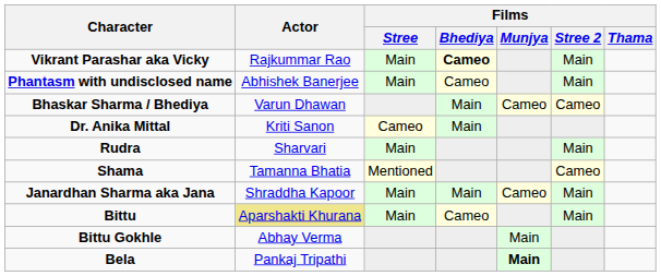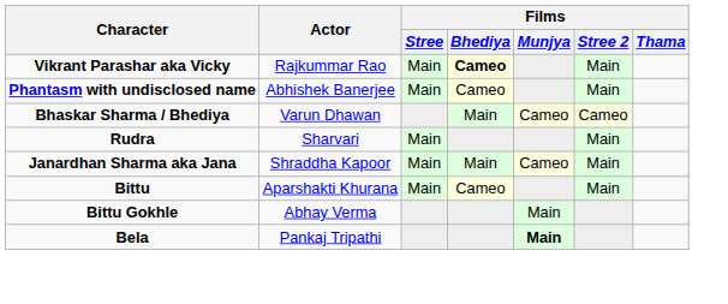 <table class="wikitable" style="text-align:center;">
 <tr>
 <th rowspan=2>Character</th>
 <th rowspan=2>Actor</th>
 <th colspan="5">Films</th>
 </tr>
 <tr>
 <th><em><a href='#'>Stree</a></em></th>
 <th><em><a href='#'>Bhediya</a></em></th>
 <th><em><a href='#'>Munjya</a></em></th>
 <th><em><a href='#'>Stree 2</a></em></th>
 <th><em><a href='#'>Thama</a></em></th>
 </tr>
 <tr>
 <td><strong>Vikrant Parashar aka Vicky</strong></td>
 <td><a href='#'>Rajkummar Rao</a></td>
 <td style="background: #DFD">Main</td>
 <td style="background: #FFD"><strong>Cameo</strong></td>
 <td style="background: #EEE"></td>
 <td style="background: #DFD">Main</td>
 <td></td>
 </tr>
 <tr>
 <td><strong><a href='#'>Phantasm</a> with undisclosed name</strong></td>
 <td><a href='#'>Abhishek Banerjee</a></td>
 <td style="background: #DFD">Main</td>
 <td style="background: #FFD">Cameo</td>
 <td style="background: #EEE"></td>
 <td style="background: #DFD">Main</td>
 <td></td>
 </tr>
 <tr>
 <td><strong>Bhaskar Sharma / Bhediya</strong></td>
 <td><a href='#'>Varun Dhawan</a></td>
 <td style="background: #EEE"></td>
 <td style="background: #DFD">Main</td>
 <td style="background: #FFD">Cameo</td>
 <td style="background: #FFD">Cameo</td>
 <td></td>
 </tr>
 <tr>
-<td><strong>Dr. Anika Mittal</strong></td>
-<td><a href='#'>Kriti Sanon</a></td>
-<td style="background: #FFD">Cameo</td>
-<td style="background: #DFD">Main</td>
-<td style="background: #EEE"></td>
-<td style="background: #EEE"></td>
-<td></td>
-</tr>
-<tr>
 <td><strong>Rudra</strong></td>
 <td><a href='#'>Sharvari</a></td>
 <td style="background: #DFD">Main</td>
 <td style="background: #EEE"></td>
 <td style="background: #EEE"></td>
 <td style="background: #DFD">Main</td>
-<td></td>
-</tr>
-<tr>
-<td><strong>Shama</strong></td>
-<td><a href='#'>Tamanna Bhatia</a></td>
-<td style="background: #FFD">Mentioned</td>
-<td style="background: #EEE"></td>
-<td style="background: #EEE"></td>
-<td style="background: #FFD">Cameo</td>
 <td></td>
 </tr>
 <tr>
 <td><strong>Janardhan Sharma aka Jana</strong></td>
 <td><a href='#'>Shraddha Kapoor</a></td>
 <td style="background: #DFD">Main</td>
 <td style="background: #DFD">Main</td>
 <td style="background: #FFD">Cameo</td>
 <td style="background: #DFD">Main</td>
 <td></td>
 </tr>
 <tr>
 <td><strong>Bittu</strong></td>
-<td style="background: khaki;"><a href='#'>Aparshakti Khurana</a></td>
+<td><a href='#'>Aparshakti Khurana</a></td>
 <td style="background: #DFD">Main</td>
 <td style="background: #FFD">Cameo</td>
 <td style="background: #EEE"></td>
 <td style="background: #DFD">Main</td>
 <td></td>
 </tr>
 <tr>
 <td><strong>Bittu Gokhle</strong></td>
 <td><a href='#'>Abhay Verma</a></td>
 <td style="background: #EEE"></td>
 <td style="background: #EEE"></td>
 <td style="background: #DFD">Main</td>
 <td style="background: #EEE"></td>
 <td></td>
 </tr>
 <tr>
 <td><strong>Bela</strong></td>
 <td><a href='#'>Pankaj Tripathi</a></td>
 <td style="background: #EEE"></td>
 <td style="background: #EEE"></td>
 <td style="background: #DFD"><strong>Main</strong></td>
 <td style="background: #EEE"></td>
 <td></td>
 </tr>
 </table>
